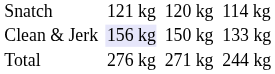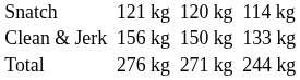 <table>
 <tr>
 <td>Snatch</td>
 <td></td>
 <td>121 kg</td>
 <td></td>
 <td>120 kg</td>
 <td></td>
 <td>114 kg</td>
 </tr>
 <tr>
 <td>Clean & Jerk</td>
 <td></td>
-<td style="background: lavender;">156 kg</td>
+<td>156 kg</td>
 <td></td>
 <td>150 kg</td>
 <td></td>
 <td>133 kg</td>
 </tr>
 <tr>
 <td>Total</td>
 <td></td>
 <td>276 kg</td>
 <td></td>
 <td>271 kg</td>
 <td></td>
 <td>244 kg</td>
 </tr>
 </table>
